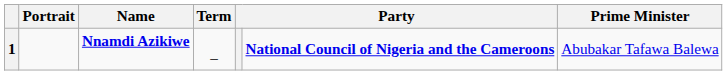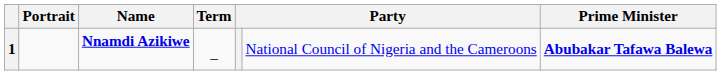 <table class="wikitable sortable sticky-header" style=text-align:center;>
 <tr>
 <th scope=col></th>
 <th scope=col class=unsortable>Portrait</th>
 <th scope=col>Name<br></th>
 <th scope=col class=unsortable>Term</th>
 <th scope=col colspan=2>Party</th>
 <th scope=col class=unsortable>Prime Minister</th>
 </tr>
 <tr>
 <th scope=row>1</th>
 <td></td>
 <td><strong><a href='#'>Nnamdi Azikiwe</a></strong><br><br></td>
 <td><br>–<br></td>
 <th style="background:"></th>
-<td><strong><a href='#'>National Council of Nigeria and the Cameroons</a></strong></td>
-<td><a href='#'>Abubakar Tafawa Balewa</a></td>
+<td><a href='#'>National Council of Nigeria and the Cameroons</a></td>
+<td><strong><a href='#'>Abubakar Tafawa Balewa</a></strong></td>
 </tr>
 </table>
